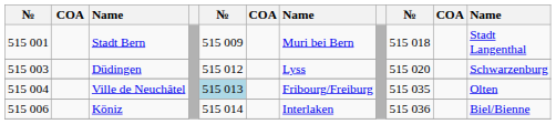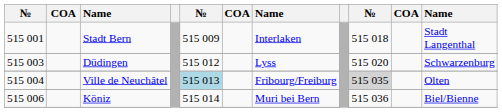 <table class="wikitable" style="text-align:center; width:55%;">
 <tr class="hintergrundfarbe6">
 <th>№</th>
 <th>COA</th>
 <th style="text-align:left">Name</th>
 <th> </th>
 <th>№</th>
 <th>COA</th>
 <th style="text-align:left">Name</th>
 <th> </th>
 <th>№</th>
 <th>COA</th>
 <th style="text-align:left">Name</th>
 </tr>
 <tr>
 <td width="5%" align="center">515 001</td>
 <td width="7%"></td>
 <td align="left" width="20%"><a href='#'>Stadt Bern</a></td>
 <td width="2%" rowspan="30" bgcolor="#B2B2B2"></td>
 <td width="5%" align="center">515 009</td>
 <td></td>
-<td align="left"><a href='#'>Muri bei Bern</a></td>
+<td align="left"><a href='#'>Interlaken</a></td>
 <td width="2%" rowspan="30" bgcolor="#B2B2B2"></td>
 <td width="5%" align="center">515 018</td>
 <td></td>
 <td align="left"><a href='#'>Stadt Langenthal</a></td>
 </tr>
 <tr>
 </tr>
 <tr>
 <td align="center">515 003</td>
 <td></td>
 <td align="left"><a href='#'>Düdingen</a></td>
 <td align="center">515 012</td>
 <td></td>
 <td align="left"><a href='#'>Lyss</a></td>
 <td align="center">515 020</td>
 <td></td>
 <td align="left"><a href='#'>Schwarzenburg</a></td>
 </tr>
 <tr>
 </tr>
 <tr>
 <td align="center">515 004</td>
 <td></td>
 <td align="left"><a href='#'>Ville de Neuchâtel</a></td>
 <td align="center" style="background: lightblue;">515 013</td>
 <td></td>
 <td align="left"><a href='#'>Fribourg/Freiburg</a></td>
-<td align="center">515 035</td>
+<td align="center" style="background: lightgrey;">515 035</td>
 <td></td>
 <td align="left"><a href='#'>Olten</a></td>
 </tr>
 <tr>
 </tr>
 <tr>
 <td align="center">515 006</td>
 <td></td>
 <td align="left"><a href='#'>Köniz</a></td>
 <td align="center">515 014</td>
 <td></td>
-<td align="left"><a href='#'>Interlaken</a></td>
+<td align="left"><a href='#'>Muri bei Bern</a></td>
 <td align="center">515 036</td>
 <td></td>
 <td align="left"><a href='#'>Biel/Bienne</a></td>
 </tr>
 <tr>
 </tr>
 </table>
